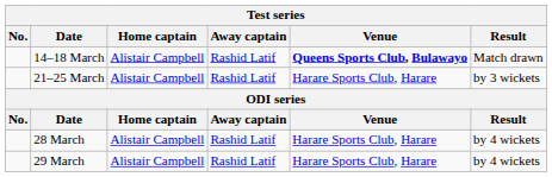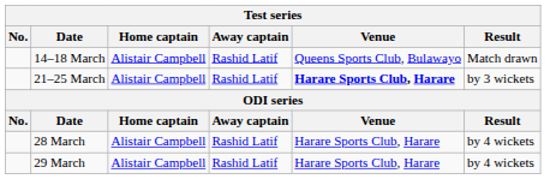 <table class="wikitable">
 <tr>
 <th colspan="9">Test series</th>
 </tr>
 <tr>
 <th>No.</th>
 <th>Date</th>
 <th>Home captain</th>
 <th>Away captain</th>
 <th>Venue</th>
 <th>Result</th>
 </tr>
 <tr>
 <td></td>
 <td>14–18 March</td>
 <td><a href='#'>Alistair Campbell</a></td>
 <td><a href='#'>Rashid Latif</a></td>
-<td><strong><a href='#'>Queens Sports Club</a>, <a href='#'>Bulawayo</a></strong></td>
+<td><a href='#'>Queens Sports Club</a>, <a href='#'>Bulawayo</a></td>
 <td>Match drawn</td>
 </tr>
 <tr>
 <td></td>
 <td>21–25 March</td>
 <td><a href='#'>Alistair Campbell</a></td>
 <td><a href='#'>Rashid Latif</a></td>
-<td><a href='#'>Harare Sports Club</a>, <a href='#'>Harare</a></td>
+<td><strong><a href='#'>Harare Sports Club</a>, <a href='#'>Harare</a></strong></td>
 <td> by 3 wickets</td>
 </tr>
 <tr>
 <th colspan="9">ODI series</th>
 </tr>
 <tr>
 <th>No.</th>
 <th>Date</th>
 <th>Home captain</th>
 <th>Away captain</th>
 <th>Venue</th>
 <th>Result</th>
 </tr>
 <tr>
 <td></td>
 <td>28 March</td>
 <td><a href='#'>Alistair Campbell</a></td>
 <td><a href='#'>Rashid Latif</a></td>
 <td><a href='#'>Harare Sports Club</a>, <a href='#'>Harare</a></td>
 <td> by 4 wickets</td>
 </tr>
 <tr>
 <td></td>
 <td>29 March</td>
 <td><a href='#'>Alistair Campbell</a></td>
 <td><a href='#'>Rashid Latif</a></td>
 <td><a href='#'>Harare Sports Club</a>, <a href='#'>Harare</a></td>
 <td> by 4 wickets</td>
 </tr>
 </table>
